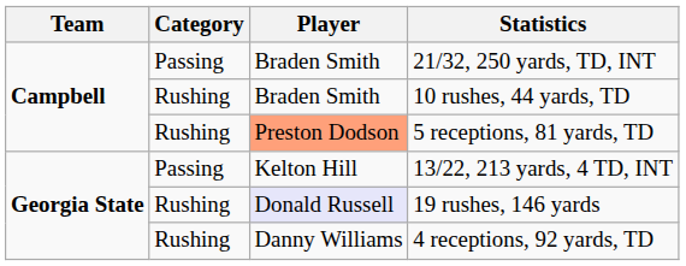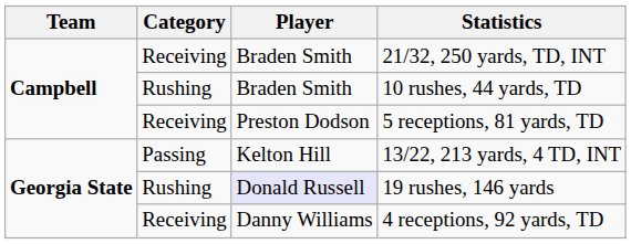 <table class="wikitable" style="float: left;">
 <tr>
 <th>Team</th>
 <th>Category</th>
 <th>Player</th>
 <th>Statistics</th>
 </tr>
 <tr>
 <td rowspan=3><strong>Campbell</strong></td>
-<td>Passing</td>
+<td>Receiving</td>
 <td>Braden Smith</td>
 <td>21/32, 250 yards, TD, INT</td>
 </tr>
 <tr>
 <td>Rushing</td>
 <td>Braden Smith</td>
 <td>10 rushes, 44 yards, TD</td>
 </tr>
 <tr>
-<td>Rushing</td>
-<td style="background: lightsalmon;">Preston Dodson</td>
+<td>Receiving</td>
+<td>Preston Dodson</td>
 <td>5 receptions, 81 yards, TD</td>
 </tr>
 <tr>
 <td rowspan=3><strong>Georgia State</strong></td>
 <td>Passing</td>
 <td>Kelton Hill</td>
 <td>13/22, 213 yards, 4 TD, INT</td>
 </tr>
 <tr>
 <td>Rushing</td>
 <td style="background: lavender;">Donald Russell</td>
 <td>19 rushes, 146 yards</td>
 </tr>
 <tr>
-<td>Rushing</td>
+<td>Receiving</td>
 <td>Danny Williams</td>
 <td>4 receptions, 92 yards, TD</td>
 </tr>
 </table>
